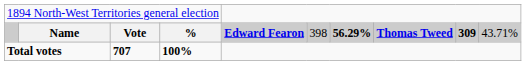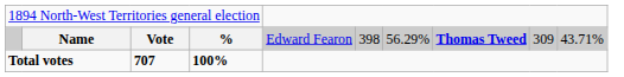 <table class="wikitable">
 <tr>
 <td colspan=4 align=center><a href='#'>1894 North-West Territories general election</a></td>
 </tr>
 <tr bgcolor="CCCCCC">
 <td></td>
 <th>Name</th>
 <th>Vote</th>
 <th>%<br></th>
-<td><strong><a href='#'>Edward Fearon</a></strong></td>
+<td><a href='#'>Edward Fearon</a></td>
 <td>398</td>
-<td><strong>56.29%<br></strong></td>
+<td>56.29%<br></td>
 <td><strong><a href='#'>Thomas Tweed</a></strong></td>
-<td><strong>309</strong></td>
+<td>309</td>
 <td>43.71%</td>
 </tr>
 <tr>
 <td colspan=2><strong>Total votes</strong></td>
 <td><strong>707</strong></td>
 <td alignment="left"><strong>100%</strong></td>
 </tr>
 </table>
